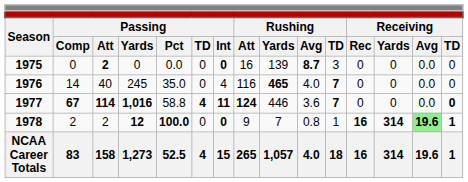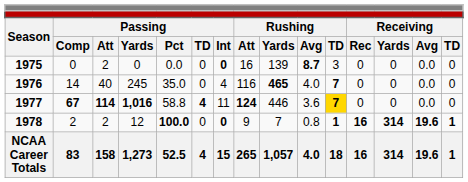 <table class=wikitable style="text-align:center;">
 <tr>
 <td colspan="16" style="background:gray; border:2px solid silver; color:white;" !></td>
 </tr>
 <tr>
 <td colspan="16" style="background:#b00; border:2px solid #666; color:#fff;" !></td>
 </tr>
 <tr>
 <th rowspan=2>Season</th>
 <th colspan="6">Passing</th>
 <th colspan=4>Rushing</th>
 <th colspan="4">Receiving</th>
 </tr>
 <tr>
 <th>Comp</th>
 <th>Att</th>
 <th>Yards</th>
 <th>Pct</th>
 <th>TD</th>
 <th>Int</th>
 <th>Att</th>
 <th>Yards</th>
 <th>Avg</th>
 <th>TD</th>
 <th>Rec</th>
 <th>Yards</th>
 <th>Avg</th>
 <th>TD</th>
 </tr>
 <tr>
 <td><strong>1975</strong></td>
 <td>0</td>
-<td><strong>2</strong></td>
+<td>2</td>
 <td>0</td>
 <td>0.0</td>
 <td>0</td>
 <td><strong>0</strong></td>
 <td>16</td>
 <td>139</td>
 <td><strong>8.7</strong></td>
 <td>3</td>
 <td>0</td>
 <td>0</td>
 <td>0.0</td>
 <td>0</td>
 </tr>
 <tr>
 <td><strong>1976</strong></td>
 <td>14</td>
 <td>40</td>
 <td>245</td>
 <td>35.0</td>
 <td>0</td>
 <td>4</td>
 <td>116</td>
 <td><strong>465</strong></td>
 <td>4.0</td>
 <td><strong>7</strong></td>
 <td>0</td>
 <td>0</td>
 <td>0.0</td>
 <td>0</td>
 </tr>
 <tr>
 <td><strong>1977</strong></td>
 <td><strong>67</strong></td>
 <td><strong>114</strong></td>
 <td><strong>1,016</strong></td>
 <td>58.8</td>
 <td><strong>4</strong></td>
-<td><strong>11</strong></td>
+<td>11</td>
 <td><strong>124</strong></td>
 <td>446</td>
 <td>3.6</td>
-<td><strong>7</strong></td>
+<td style="background: gold;"><strong>7</strong></td>
 <td>0</td>
 <td>0</td>
 <td>0.0</td>
-<td><strong>0</strong></td>
+<td>0</td>
 </tr>
 <tr>
 <td><strong>1978</strong></td>
 <td>2</td>
 <td>2</td>
-<td><strong>12</strong></td>
+<td>12</td>
 <td><strong>100.0</strong></td>
 <td>0</td>
 <td><strong>0</strong></td>
 <td>9</td>
 <td>7</td>
 <td>0.8</td>
-<td>1</td>
+<td><strong>1</strong></td>
 <td><strong>16</strong></td>
 <td><strong>314</strong></td>
-<td style="background: lightgreen;"><strong>19.6</strong></td>
+<td><strong>19.6</strong></td>
 <td><strong>1</strong></td>
 </tr>
 <tr>
 <th>NCAA Career Totals</th>
 <th>83</th>
 <th>158</th>
 <th>1,273</th>
 <th>52.5</th>
 <th>4</th>
 <th>15</th>
 <th>265</th>
 <th>1,057</th>
 <th>4.0</th>
 <th>18</th>
 <th>16</th>
 <th>314</th>
 <th>19.6</th>
 <th>1</th>
 </tr>
 </table>
